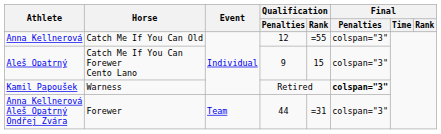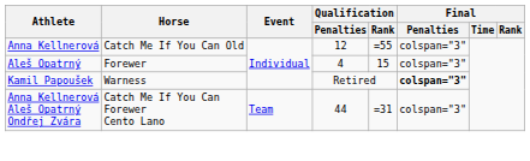 <table class="wikitable" style="font-size:90%">
 <tr>
 <th rowspan="2">Athlete</th>
 <th rowspan="2">Horse</th>
 <th rowspan="2">Event</th>
 <th colspan="2">Qualification</th>
 <th colspan="3">Final</th>
 </tr>
 <tr style="font-size:95%">
 <th>Penalties</th>
 <th>Rank</th>
 <th>Penalties</th>
 <th>Time</th>
 <th>Rank</th>
 </tr>
 <tr align=center>
 <td align=left><a href='#'>Anna Kellnerová</a></td>
 <td align=left>Catch Me If You Can Old</td>
 <td align=left rowspan=3><a href='#'>Individual</a></td>
 <td>12</td>
 <td>=55</td>
 <td>colspan="3" </td>
 </tr>
 <tr align=center>
 <td align=left><a href='#'>Aleš Opatrný</a></td>
-<td align=left>Catch Me If You Can<br>Forewer<br>Cento Lano</td>
-<td>9</td>
+<td align=left>Forewer</td>
+<td>4</td>
 <td>15</td>
 <td>colspan="3" </td>
 </tr>
 <tr align=center>
 <td align=left><a href='#'>Kamil Papoušek</a></td>
 <td align=left>Warness</td>
 <td colspan="2">Retired</td>
 <td><strong>colspan="3" </strong></td>
 </tr>
 <tr align=center>
 <td align=left><a href='#'>Anna Kellnerová</a><br><a href='#'>Aleš Opatrný</a><br><a href='#'>Ondřej Zvára</a></td>
-<td align=left>Forewer</td>
+<td align=left>Catch Me If You Can<br>Forewer<br>Cento Lano</td>
 <td align=left><a href='#'>Team</a></td>
 <td>44</td>
 <td>=31</td>
 <td>colspan="3" </td>
 </tr>
 </table>
